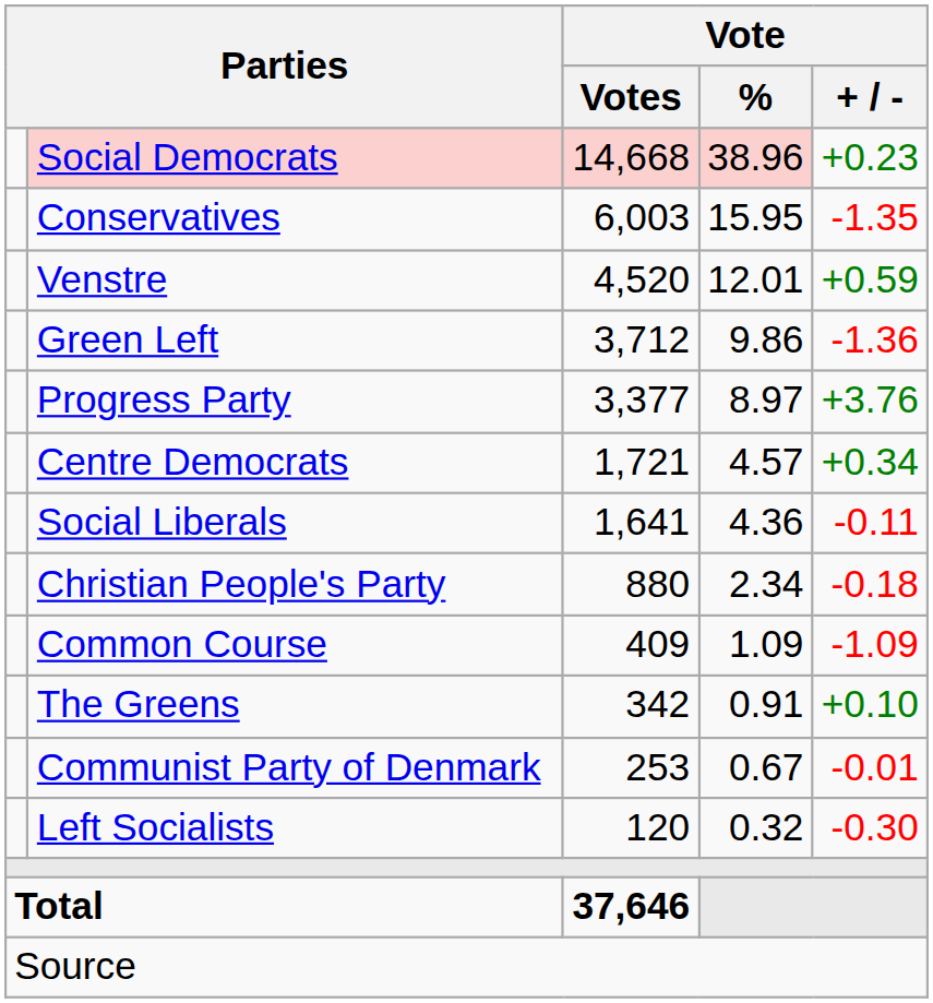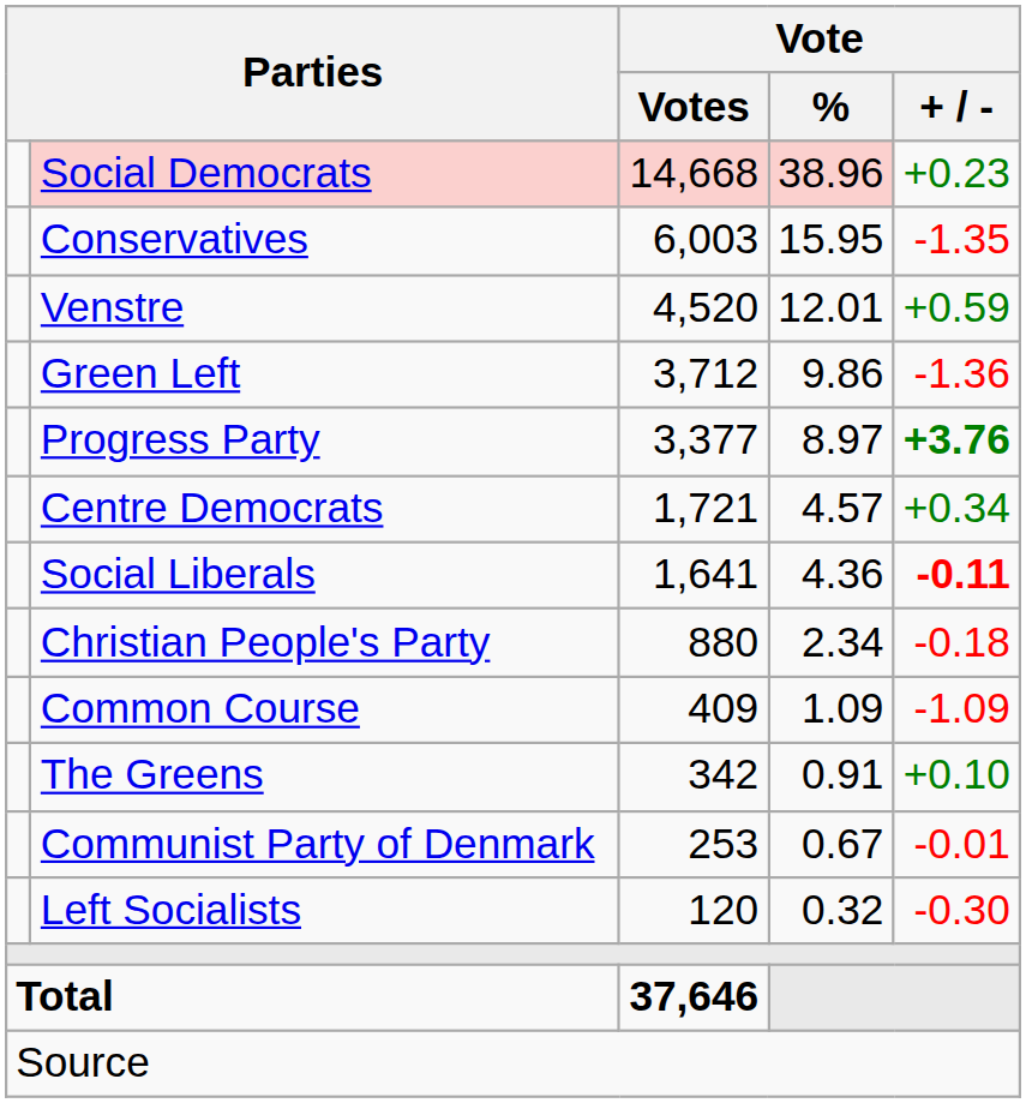 <table class="wikitable" style="text-align:right;">
 <tr>
 <th style="text-align:centre;" rowspan="2" colspan="2" width="225">Parties</th>
 <th colspan="3">Vote</th>
 </tr>
 <tr>
 <th width="15">Votes</th>
 <th width="15">%</th>
 <th width="15">+ / -</th>
 </tr>
 <tr>
 <td width="2" style="color:inherit;background:"></td>
 <td bgcolor=#fbd0ce  align="left"><a href='#'>Social Democrats</a></td>
 <td bgcolor=#fbd0ce>14,668</td>
 <td bgcolor=#fbd0ce>38.96</td>
 <td style=color:green;>+0.23</td>
 </tr>
 <tr>
 <td width="2" style="color:inherit;background:"></td>
 <td align="left"><a href='#'>Conservatives</a></td>
 <td>6,003</td>
 <td>15.95</td>
 <td style=color:red;>-1.35</td>
 </tr>
 <tr>
 <td width="2" style="color:inherit;background:"></td>
 <td align="left"><a href='#'>Venstre</a></td>
 <td>4,520</td>
 <td>12.01</td>
 <td style=color:green;>+0.59</td>
 </tr>
 <tr>
 <td width="2" style="color:inherit;background:"></td>
 <td align="left"><a href='#'>Green Left</a></td>
 <td>3,712</td>
 <td>9.86</td>
 <td style=color:red;>-1.36</td>
 </tr>
 <tr>
 <td width="2" style="color:inherit;background:"></td>
 <td align="left"><a href='#'>Progress Party</a></td>
 <td>3,377</td>
 <td>8.97</td>
-<td style=color:green;>+3.76</td>
+<td style=color:green;><strong>+3.76</strong></td>
 </tr>
 <tr>
 <td width="2" style="color:inherit;background:"></td>
 <td align="left"><a href='#'>Centre Democrats</a></td>
 <td>1,721</td>
 <td>4.57</td>
 <td style=color:green;>+0.34</td>
 </tr>
 <tr>
 <td width="2" style="color:inherit;background:"></td>
 <td align="left"><a href='#'>Social Liberals</a></td>
 <td>1,641</td>
 <td>4.36</td>
-<td style=color:red;>-0.11</td>
+<td style=color:red;><strong>-0.11</strong></td>
 </tr>
 <tr>
 <td width="2" style="color:inherit;background:"></td>
 <td align="left"><a href='#'>Christian People's Party</a></td>
 <td>880</td>
 <td>2.34</td>
 <td style=color:red;>-0.18</td>
 </tr>
 <tr>
 <td width="2" style="color:inherit;background:"></td>
 <td align="left"><a href='#'>Common Course</a></td>
 <td>409</td>
 <td>1.09</td>
 <td style=color:red;>-1.09</td>
 </tr>
 <tr>
 <td width="2" style="color:inherit;background:"></td>
 <td align="left"><a href='#'>The Greens</a></td>
 <td>342</td>
 <td>0.91</td>
 <td style=color:green;>+0.10</td>
 </tr>
 <tr>
 <td width="2" style="color:inherit;background:"></td>
 <td align="left"><a href='#'>Communist Party of Denmark</a></td>
 <td>253</td>
 <td>0.67</td>
 <td style=color:red;>-0.01</td>
 </tr>
 <tr>
 <td width="2" style="color:inherit;background:"></td>
 <td align="left"><a href='#'>Left Socialists</a></td>
 <td>120</td>
 <td>0.32</td>
 <td style=color:red;>-0.30</td>
 </tr>
 <tr>
 <td colspan="7" bgcolor="#E9E9E9"></td>
 </tr>
 <tr>
 <td align="left" colspan="2"><strong>Total</strong></td>
 <td><strong>37,646</strong></td>
 <td bgcolor="#E9E9E9" colspan="2"></td>
 </tr>
 <tr>
 <td align="left" colspan="6">Source</td>
 </tr>
 </table>
